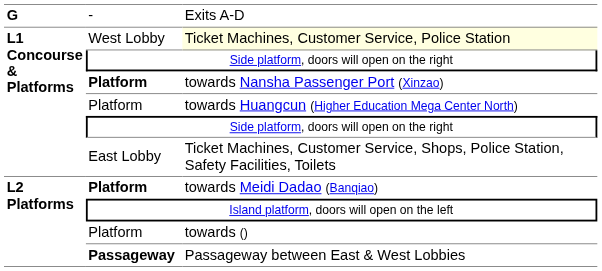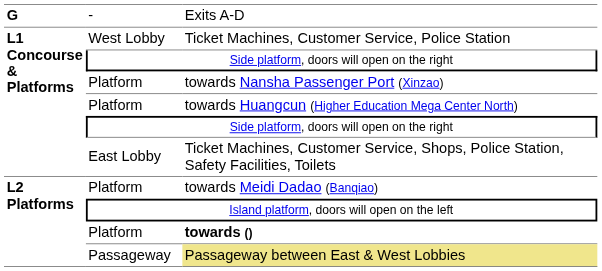 <table table border=0 cellspacing=0 cellpadding=3>
 <tr>
 <td style="width:50px; border-top:solid 1px gray; vertical-align:top;"><strong>G</strong></td>
 <td style="width:100px; border-top:solid 1px gray; vertical-align:top;">-</td>
 <td style="width:450px; border-top:solid 1px gray; vertical-align:top;">Exits A-D</td>
 </tr>
 <tr style="vertical-align:top;">
 <td rowspan="6" style="border-bottom:solid 1px gray; border-top:solid 1px gray; width:50px;"><strong>L1<br>Concourse & Platforms</strong></td>
 <td style="border-bottom:solid 1px gray; border-top:solid 1px gray; width:100px;">West Lobby</td>
-<td style="background: lightyellow; border-bottom:solid 1px gray; border-top:solid 1px gray; width:390px;">Ticket Machines, Customer Service, Police Station</td>
+<td style="border-bottom:solid 1px gray; border-top:solid 1px gray; width:390px;">Ticket Machines, Customer Service, Police Station</td>
 </tr>
 <tr>
 <td colspan="2" style="border-right:solid 2px black; border-left:solid 2px black; border-bottom:solid 2px black; font-size:smaller; text-align:center;"><a href='#'>Side platform</a>, doors will open on the right</td>
 </tr>
 <tr>
-<td style="border-bottom:solid 1px gray;"><strong>Platform </strong></td>
+<td style="border-bottom:solid 1px gray;">Platform </td>
 <td style="border-bottom:solid 1px gray;">  towards <a href='#'>Nansha Passenger Port</a> <small>(<a href='#'>Xinzao</a>)</small></td>
 </tr>
 <tr>
 <td>Platform </td>
 <td> towards <a href='#'>Huangcun</a> <small>(<a href='#'>Higher Education Mega Center North</a>)</small> </td>
 </tr>
 <tr>
 <td colspan="2" style="border-top:solid 2px black; border-right:solid 2px black; border-left:solid 2px black; border-bottom:solid 1px gray; font-size:smaller; text-align:center;"><a href='#'>Side platform</a>, doors will open on the right</td>
 </tr>
 <tr>
 <td style="border-bottom:solid 1px gray; width:100px;">East Lobby</td>
 <td style="border-bottom:solid 1px gray; width:450px;">Ticket Machines, Customer Service, Shops, Police Station, Safety Facilities, Toilets</td>
 </tr>
 <tr>
 <td rowspan="4" style="border-bottom:solid 1px gray; vertical-align:top;"><strong>L2<br>Platforms</strong></td>
-<td><strong>Platform </strong></td>
+<td>Platform </td>
 <td>  towards <a href='#'>Meidi Dadao</a> <small>(<a href='#'>Banqiao</a>)</small></td>
 </tr>
 <tr>
 <td colspan="2" style="border-top:solid 2px black; border-right:solid 2px black; border-left:solid 2px black; border-bottom:solid 2px black; font-size:smaller; text-align:center;"><a href='#'>Island platform</a>, doors will open on the left</td>
 </tr>
 <tr>
 <td style="border-bottom:solid 1px gray; width:100px;">Platform </td>
-<td style="border-bottom:solid 1px gray; width:285px;"> towards  <small>()</small> </td>
+<td style="border-bottom:solid 1px gray; width:285px;"><strong> towards  <small>()</small> </strong></td>
 </tr>
 <tr>
-<td style="border-bottom:solid 1px gray; width:100px;"><strong>Passageway</strong></td>
-<td style="border-bottom:solid 1px gray; width:450px;">Passageway between East & West Lobbies</td>
+<td style="border-bottom:solid 1px gray; width:100px;">Passageway</td>
+<td style="background: khaki; border-bottom:solid 1px gray; width:450px;">Passageway between East & West Lobbies</td>
 </tr>
 </table>
